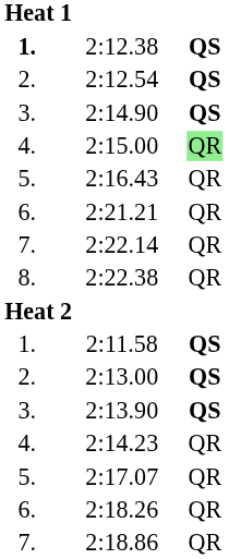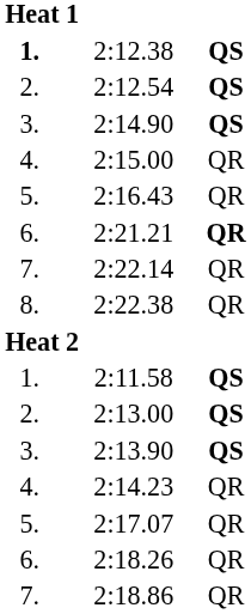 <table style="text-align:center">
 <tr>
 <td colspan=4 align=left><strong>Heat 1</strong></td>
 </tr>
 <tr>
 <td width=30><strong>1.</strong></td>
 <td align=left></td>
 <td width=80>2:12.38</td>
 <td><strong>QS</strong></td>
 </tr>
 <tr>
 <td>2.</td>
 <td align=left></td>
 <td>2:12.54</td>
 <td><strong>QS</strong></td>
 </tr>
 <tr>
 <td>3.</td>
 <td align=left></td>
 <td>2:14.90</td>
 <td><strong>QS</strong></td>
 </tr>
 <tr>
 <td>4.</td>
 <td align=left></td>
 <td>2:15.00</td>
-<td style="background: lightgreen;">QR</td>
+<td>QR</td>
 </tr>
 <tr>
 <td>5.</td>
 <td align=left></td>
 <td>2:16.43</td>
 <td>QR</td>
 </tr>
 <tr>
 <td>6.</td>
 <td align=left></td>
 <td>2:21.21</td>
-<td>QR</td>
+<td><strong>QR</strong></td>
 </tr>
 <tr>
 <td>7.</td>
 <td align=left></td>
 <td>2:22.14</td>
 <td>QR</td>
 </tr>
 <tr>
 <td>8.</td>
 <td align=left></td>
 <td>2:22.38</td>
 <td>QR</td>
 </tr>
 <tr>
 <td colspan=4 align=left><strong>Heat 2</strong></td>
 </tr>
 <tr>
 <td>1.</td>
 <td align=left></td>
 <td>2:11.58</td>
 <td><strong>QS</strong></td>
 </tr>
 <tr>
 <td>2.</td>
 <td align=left></td>
 <td>2:13.00</td>
 <td><strong>QS</strong></td>
 </tr>
 <tr>
 <td>3.</td>
 <td align=left></td>
 <td>2:13.90</td>
 <td><strong>QS</strong></td>
 </tr>
 <tr>
 <td>4.</td>
 <td align=left></td>
 <td>2:14.23</td>
 <td>QR</td>
 </tr>
 <tr>
 <td>5.</td>
 <td align=left></td>
 <td>2:17.07</td>
 <td>QR</td>
 </tr>
 <tr>
 <td>6.</td>
 <td align=left></td>
 <td>2:18.26</td>
 <td>QR</td>
 </tr>
 <tr>
 <td>7.</td>
 <td align=left></td>
 <td>2:18.86</td>
 <td>QR</td>
 </tr>
 </table>
